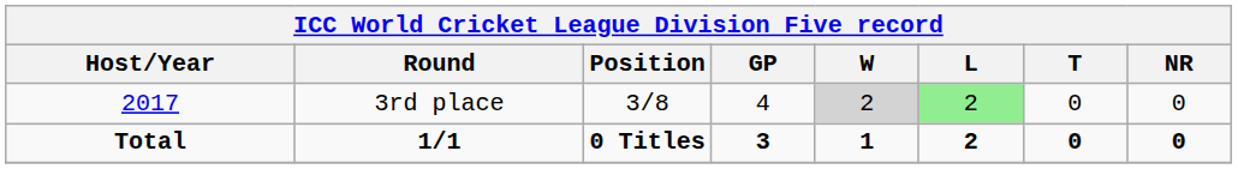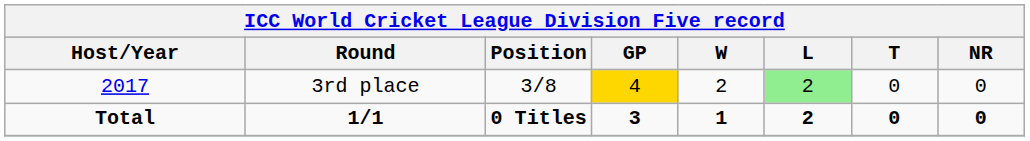 <table class="wikitable" style="text-align: center;">
 <tr>
 <th colspan=8><a href='#'>ICC World Cricket League Division Five record</a></th>
 </tr>
 <tr>
 <th width=150>Host/Year</th>
 <th width=150>Round</th>
 <th width=50>Position</th>
 <th width=50>GP</th>
 <th width=50>W</th>
 <th width=50>L</th>
 <th width=50>T</th>
 <th width=50>NR</th>
 </tr>
 <tr>
 <td> <a href='#'>2017</a></td>
 <td>3rd place</td>
 <td>3/8</td>
-<td>4</td>
-<td style="background: lightgrey;">2</td>
+<td style="background: gold;">4</td>
+<td>2</td>
 <td style="background: lightgreen;">2</td>
 <td>0</td>
 <td>0</td>
 </tr>
 <tr>
 <td><strong>Total</strong></td>
 <td><strong>1/1</strong></td>
 <td><strong>0 Titles</strong></td>
 <td><strong>3</strong></td>
 <td><strong>1</strong></td>
 <td><strong>2</strong></td>
 <td><strong>0</strong></td>
 <td><strong>0</strong></td>
 </tr>
 <tr>
 </tr>
 </table>
